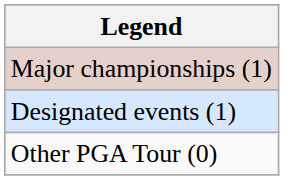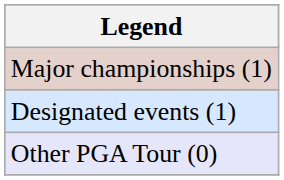 <table class="wikitable" style="font-size:95%;">
 <tr>
 <th>Legend</th>
 </tr>
 <tr style="background:#e5d1cb;">
 <td>Major championships  (1)</td>
 </tr>
 <tr style="background:#D6E8FF;">
 <td>Designated events (1)</td>
 </tr>
 <tr>
-<td>Other PGA Tour (0)</td>
+<td style="background: lavender;">Other PGA Tour (0)</td>
 </tr>
 </table>
